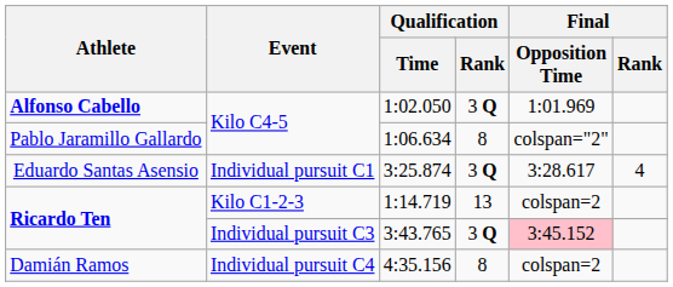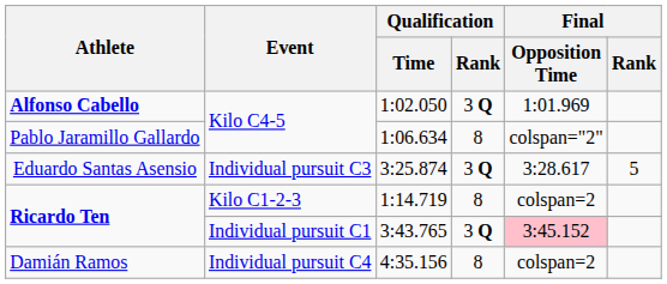 <table class=wikitable style="font-size:90%">
 <tr>
 <th rowspan="2">Athlete</th>
 <th rowspan="2">Event</th>
 <th colspan="2">Qualification</th>
 <th colspan="2">Final</th>
 </tr>
 <tr>
 <th>Time</th>
 <th>Rank</th>
 <th>Opposition<br>Time</th>
 <th>Rank</th>
 </tr>
 <tr align="center">
 <td align="left"><strong><a href='#'>Alfonso Cabello</a></strong></td>
 <td rowspan="2" align="left"><a href='#'>Kilo C4-5</a></td>
 <td>1:02.050</td>
 <td>3 <strong>Q</strong></td>
 <td>1:01.969</td>
 <td></td>
 </tr>
 <tr align="center">
 <td align="left"><a href='#'>Pablo Jaramillo Gallardo</a></td>
 <td>1:06.634</td>
 <td>8</td>
 <td>colspan="2" </td>
 </tr>
 <tr align="center">
 <td><a href='#'>Eduardo Santas Asensio</a></td>
-<td align="left"><a href='#'>Individual pursuit C1</a></td>
+<td align="left"><a href='#'>Individual pursuit C3</a></td>
 <td>3:25.874</td>
 <td>3 <strong>Q</strong></td>
 <td>3:28.617</td>
-<td>4</td>
+<td>5</td>
 </tr>
 <tr align="center">
 <td rowspan="2" align="left"><strong><a href='#'>Ricardo Ten</a></strong></td>
 <td align="left"><a href='#'>Kilo C1-2-3</a></td>
 <td>1:14.719</td>
-<td>13</td>
+<td>8</td>
 <td>colspan=2 </td>
 </tr>
 <tr align="center">
-<td align="left"><a href='#'>Individual pursuit C3</a></td>
+<td align="left"><a href='#'>Individual pursuit C1</a></td>
 <td>3:43.765</td>
 <td>3 <strong>Q</strong></td>
 <td style="background: pink;">3:45.152</td>
 <td></td>
 </tr>
 <tr align=center>
 <td align=left><a href='#'>Damián Ramos</a></td>
 <td align=left><a href='#'>Individual pursuit C4</a></td>
 <td>4:35.156</td>
 <td>8</td>
 <td>colspan=2 </td>
 </tr>
 </table>
